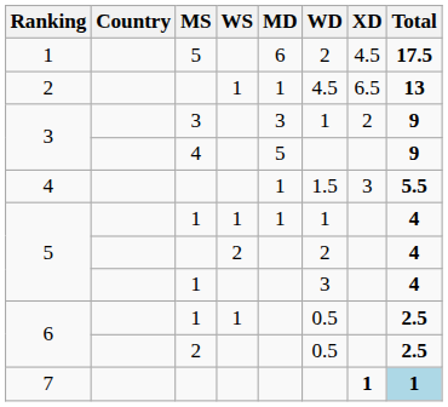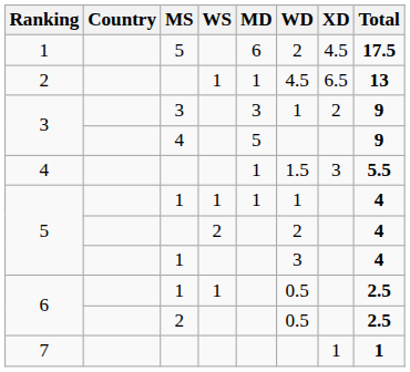 <table class="wikitable" style="text-align:center">
 <tr>
 <th>Ranking</th>
 <th>Country</th>
 <th>MS</th>
 <th>WS</th>
 <th>MD</th>
 <th>WD</th>
 <th>XD</th>
 <th>Total</th>
 </tr>
 <tr>
 <td>1</td>
 <td align=left></td>
 <td>5</td>
 <td></td>
 <td>6</td>
 <td>2</td>
 <td>4.5</td>
 <td><strong>17.5</strong></td>
 </tr>
 <tr align=center>
 <td>2</td>
 <td align=left></td>
 <td></td>
 <td>1</td>
 <td>1</td>
 <td>4.5</td>
 <td>6.5</td>
 <td><strong>13</strong></td>
 </tr>
 <tr align=center>
 <td rowspan="2">3</td>
 <td align=left></td>
 <td>3</td>
 <td></td>
 <td>3</td>
 <td>1</td>
 <td>2</td>
 <td><strong>9</strong></td>
 </tr>
 <tr align=center>
 <td align=left></td>
 <td>4</td>
 <td></td>
 <td>5</td>
 <td></td>
 <td></td>
 <td><strong>9</strong></td>
 </tr>
 <tr align=center>
 <td>4</td>
 <td align=left></td>
 <td></td>
 <td></td>
 <td>1</td>
 <td>1.5</td>
 <td>3</td>
 <td><strong>5.5</strong></td>
 </tr>
 <tr align=center>
 <td rowspan="3">5</td>
 <td align=left></td>
 <td>1</td>
 <td>1</td>
 <td>1</td>
 <td>1</td>
 <td></td>
 <td><strong>4</strong></td>
 </tr>
 <tr align=center>
 <td align=left></td>
 <td></td>
 <td>2</td>
 <td></td>
 <td>2</td>
 <td></td>
 <td><strong>4</strong></td>
 </tr>
 <tr align=center>
 <td align=left></td>
 <td>1</td>
 <td></td>
 <td></td>
 <td>3</td>
 <td></td>
 <td><strong>4</strong></td>
 </tr>
 <tr align=center>
 <td rowspan="2">6</td>
 <td align=left></td>
 <td>1</td>
 <td>1</td>
 <td></td>
 <td>0.5</td>
 <td></td>
 <td><strong>2.5</strong></td>
 </tr>
 <tr align=center>
 <td align=left></td>
 <td>2</td>
 <td></td>
 <td></td>
 <td>0.5</td>
 <td></td>
 <td><strong>2.5</strong></td>
 </tr>
 <tr align=center>
 <td>7</td>
 <td align=left></td>
 <td></td>
 <td></td>
 <td></td>
 <td></td>
+<td>1</td>
 <td><strong>1</strong></td>
-<td style="background: lightblue;"><strong>1</strong></td>
 </tr>
 </table>
